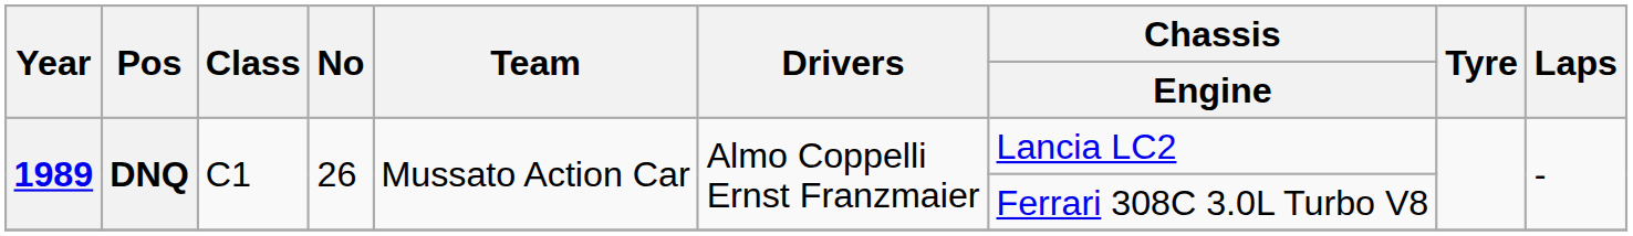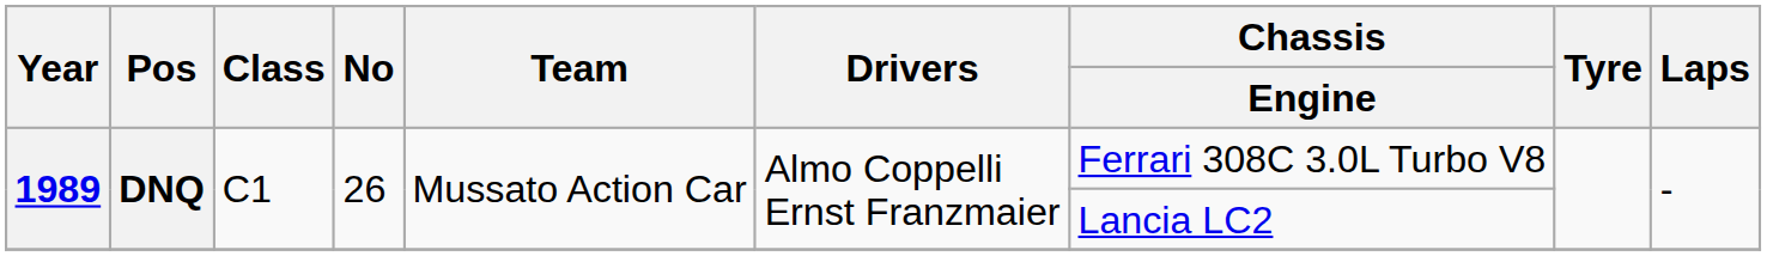 <table class="wikitable" style="font-size: 95%;">
 <tr>
 <th rowspan=2>Year</th>
 <th rowspan=2>Pos</th>
 <th rowspan=2>Class</th>
 <th rowspan=2>No</th>
 <th rowspan=2>Team</th>
 <th rowspan=2>Drivers</th>
 <th>Chassis</th>
 <th rowspan=2>Tyre</th>
 <th rowspan=2>Laps</th>
 </tr>
 <tr>
 <th>Engine</th>
 </tr>
 <tr>
 <th rowspan=2><a href='#'>1989</a></th>
 <th rowspan=2>DNQ</th>
 <td rowspan=2>C1</td>
 <td rowspan=2>26</td>
 <td rowspan=2> Mussato Action Car</td>
 <td rowspan=2> Almo Coppelli<br> Ernst Franzmaier</td>
-<td><a href='#'>Lancia LC2</a></td>
+<td><a href='#'>Ferrari</a> 308C 3.0L Turbo V8</td>
 <td rowspan=2></td>
 <td rowspan=2>-</td>
 </tr>
 <tr>
-<td><a href='#'>Ferrari</a> 308C 3.0L Turbo V8</td>
+<td><a href='#'>Lancia LC2</a></td>
 </tr>
 <tr>
 </tr>
 </table>
